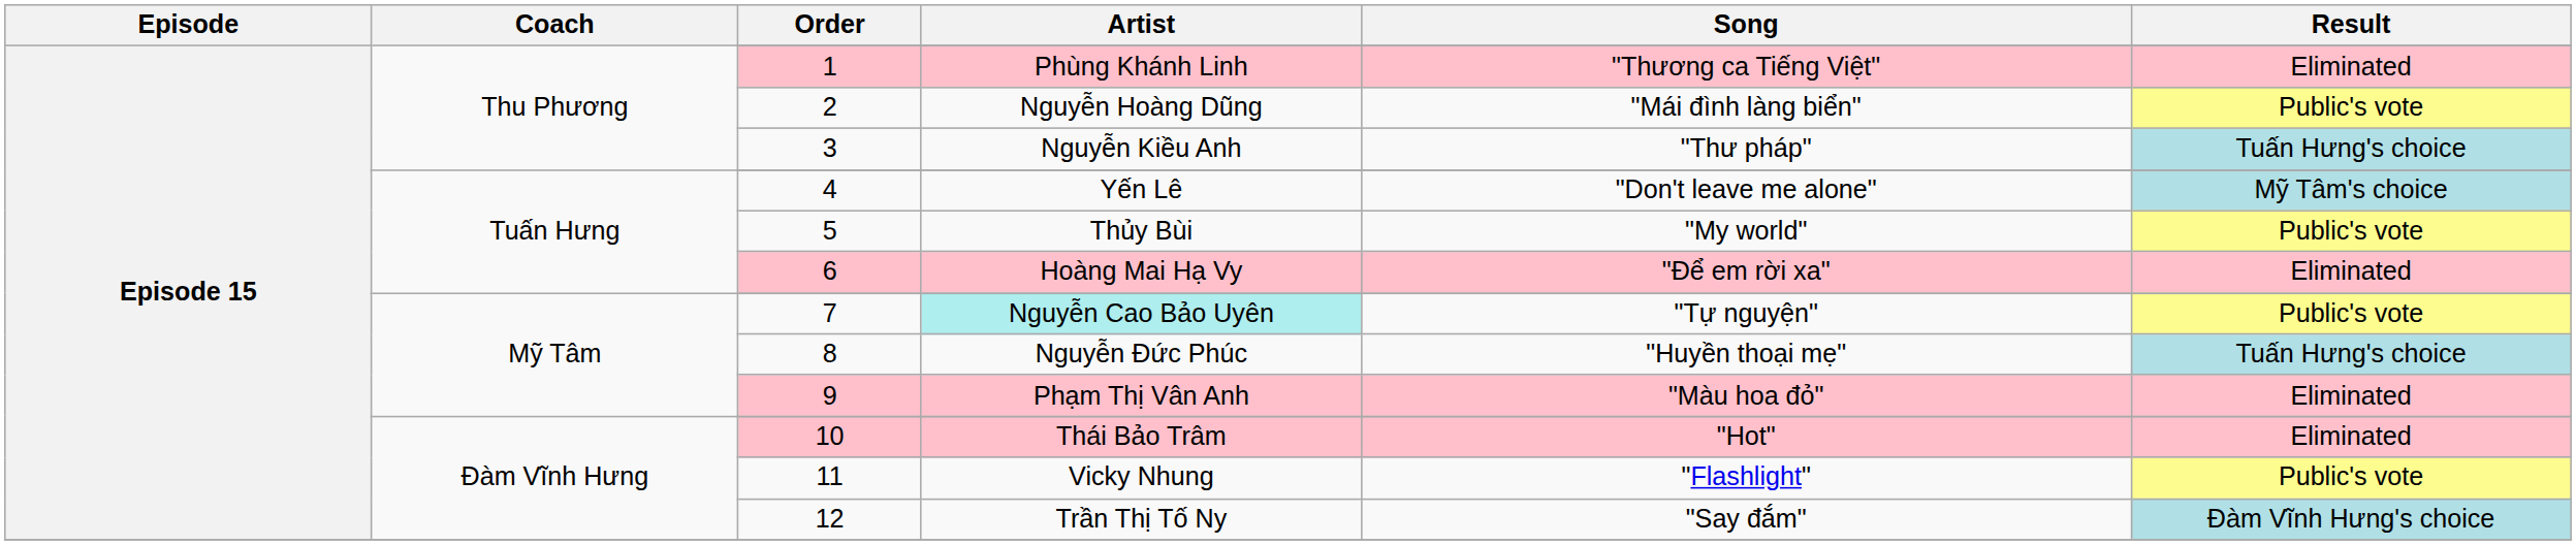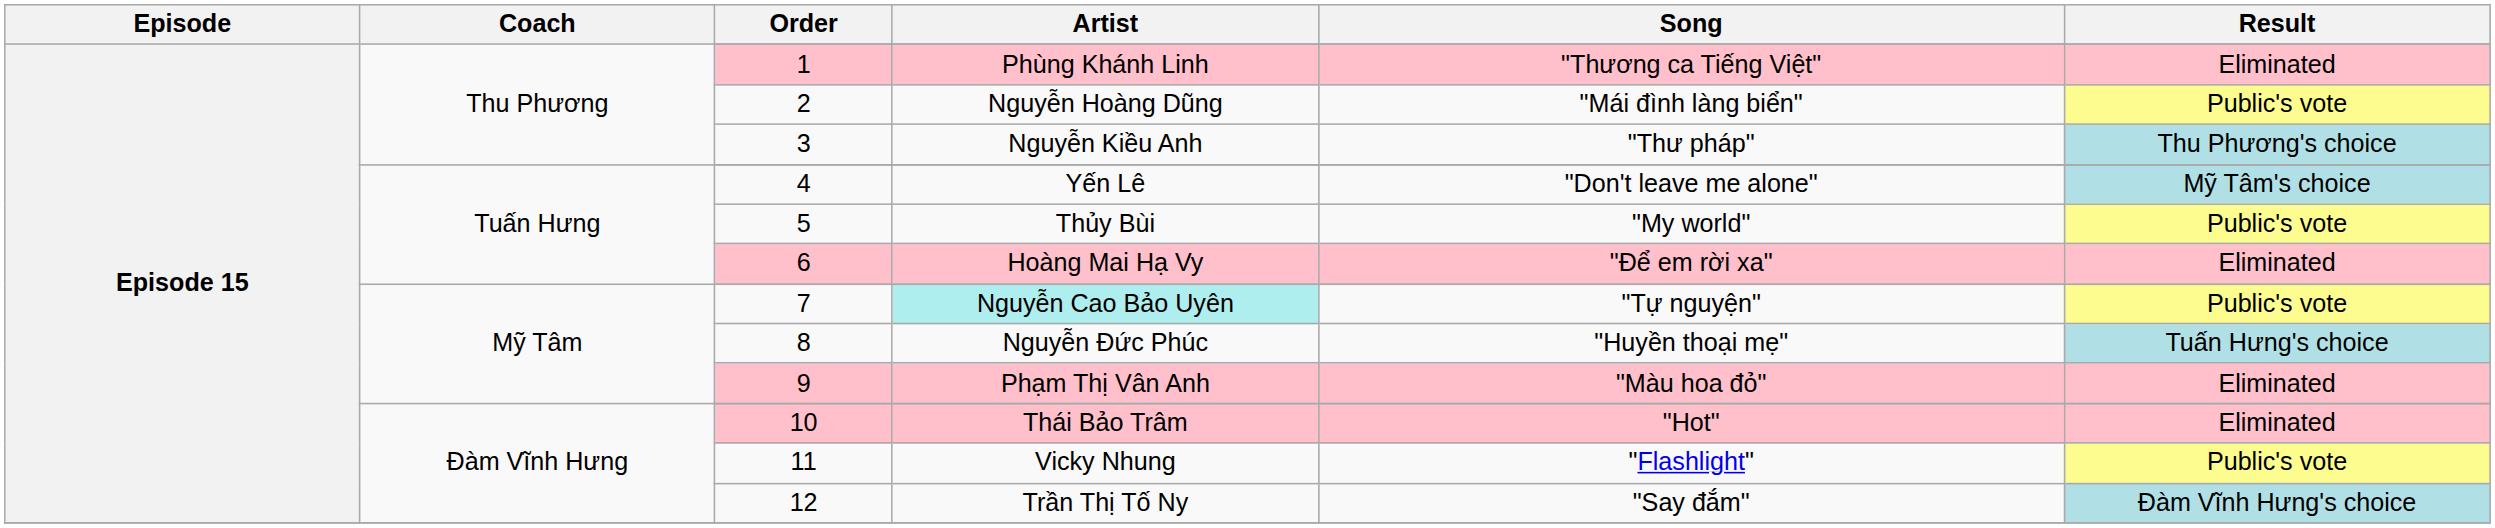 <table class="wikitable" style="text-align:center; width:100%;">
 <tr>
 <th style="width:10%;">Episode</th>
 <th style="width:10%;">Coach</th>
 <th style="width:05%;">Order</th>
 <th style="width:12%;">Artist</th>
 <th style="width:21%;">Song</th>
 <th style="width:12%;">Result</th>
 </tr>
 <tr>
 <th rowspan="16" scope="row">Episode 15<br></th>
 <td rowspan="4">Thu Phương</td>
 </tr>
 <tr style="background:pink;">
 <td>1</td>
 <td>Phùng Khánh Linh</td>
 <td>"Thương ca Tiếng Việt"</td>
 <td>Eliminated</td>
 </tr>
 <tr>
 <td>2</td>
 <td>Nguyễn Hoàng Dũng</td>
 <td>"Mái đình làng biển"</td>
 <td style="background:#fdfc8f;">Public's vote</td>
 </tr>
 <tr>
 <td>3</td>
 <td>Nguyễn Kiều Anh</td>
 <td>"Thư pháp"</td>
-<td style="background:#b0e0e6">Tuấn Hưng's choice</td>
+<td style="background:#b0e0e6">Thu Phương's choice</td>
 </tr>
 <tr>
 <td rowspan="4">Tuấn Hưng</td>
 </tr>
 <tr>
 <td>4</td>
 <td>Yến Lê</td>
 <td>"Don't leave me alone"</td>
 <td style="background:#b0e0e6">Mỹ Tâm's choice</td>
 </tr>
 <tr>
 <td>5</td>
 <td>Thủy Bùi</td>
 <td>"My world"</td>
 <td style="background:#fdfc8f;">Public's vote</td>
 </tr>
 <tr style="background:pink;">
 <td>6</td>
 <td>Hoàng Mai Hạ Vy</td>
 <td>"Để em rời xa"</td>
 <td>Eliminated</td>
 </tr>
 <tr>
 <td rowspan="4">Mỹ Tâm</td>
 </tr>
 <tr>
 <td>7</td>
 <td style="background: paleturquoise;">Nguyễn Cao Bảo Uyên</td>
 <td>"Tự nguyện"</td>
 <td style="background:#fdfc8f;">Public's vote</td>
 </tr>
 <tr>
 <td>8</td>
 <td>Nguyễn Đức Phúc</td>
 <td>"Huyền thoại mẹ"</td>
 <td style="background:#b0e0e6">Tuấn Hưng's choice</td>
 </tr>
 <tr style="background:pink;">
 <td>9</td>
 <td>Phạm Thị Vân Anh</td>
 <td>"Màu hoa đỏ"</td>
 <td>Eliminated</td>
 </tr>
 <tr>
 <td rowspan="4">Đàm Vĩnh Hưng</td>
 </tr>
 <tr style="background:pink;">
 <td>10</td>
 <td>Thái Bảo Trâm</td>
 <td>"Hot"</td>
 <td>Eliminated</td>
 </tr>
 <tr>
 <td>11</td>
 <td>Vicky Nhung</td>
 <td>"<a href='#'>Flashlight</a>"</td>
 <td style="background:#fdfc8f;">Public's vote</td>
 </tr>
 <tr>
 <td>12</td>
 <td>Trần Thị Tố Ny</td>
 <td>"Say đắm"</td>
 <td style="background:#b0e0e6">Đàm Vĩnh Hưng's choice</td>
 </tr>
 <tr>
 </tr>
 </table>
